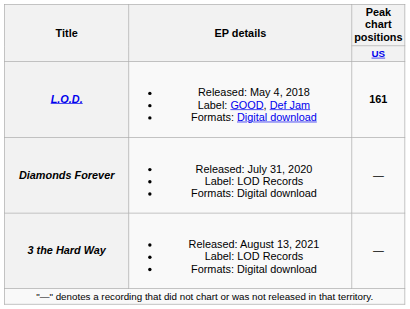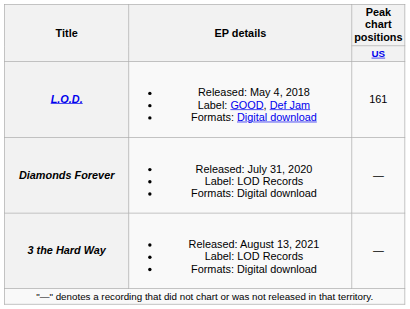 <table class="wikitable plainrowheaders" style="text-align:center;">
 <tr>
 <th scope="col" rowspan="2" style="width:11em;">Title</th>
 <th scope="col" rowspan="2" style="width:20em;">EP details</th>
 <th scope="col" colspan="1">Peak chart positions</th>
 </tr>
 <tr>
 <th scope="col" style="width:3em;font-size:90%;"><a href='#'>US</a><br></th>
 </tr>
 <tr>
 <th scope="row"><em><a href='#'>L.O.D.</a></em></th>
 <td><br><ul><li>Released: May 4, 2018</li><li>Label: <a href='#'>GOOD</a>, <a href='#'>Def Jam</a></li><li>Formats: <a href='#'>Digital download</a></li></ul></td>
-<td><strong>161</strong></td>
+<td>161</td>
 </tr>
 <tr>
 <th scope="row"><em>Diamonds Forever</em></th>
 <td><br><ul><li>Released: July 31, 2020</li><li>Label: LOD Records</li><li>Formats: Digital download</li></ul></td>
 <td>—</td>
 </tr>
 <tr>
 <th scope="row"><em>3 the Hard Way</em></th>
 <td><br><ul><li>Released: August 13, 2021</li><li>Label: LOD Records</li><li>Formats: Digital download</li></ul></td>
 <td>—</td>
 </tr>
 <tr>
 <td colspan="4" style="font-size:90%">"—" denotes a recording that did not chart or was not released in that territory.</td>
 </tr>
 </table>
